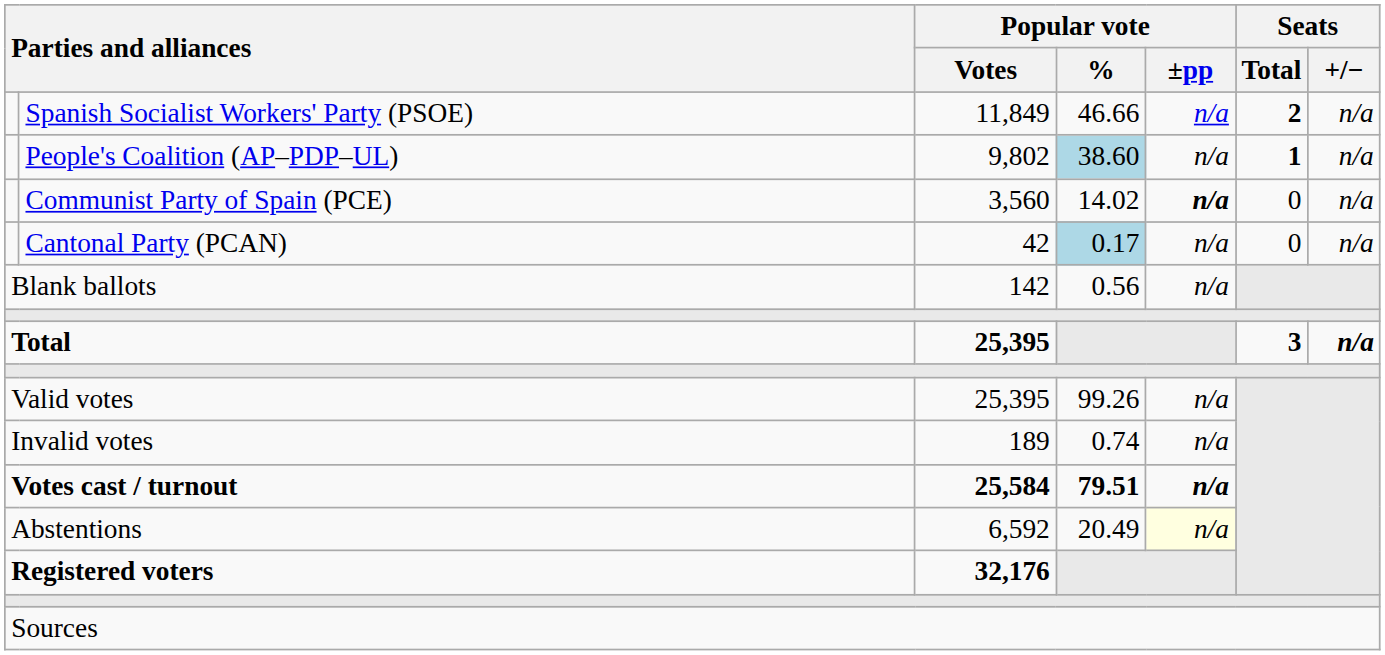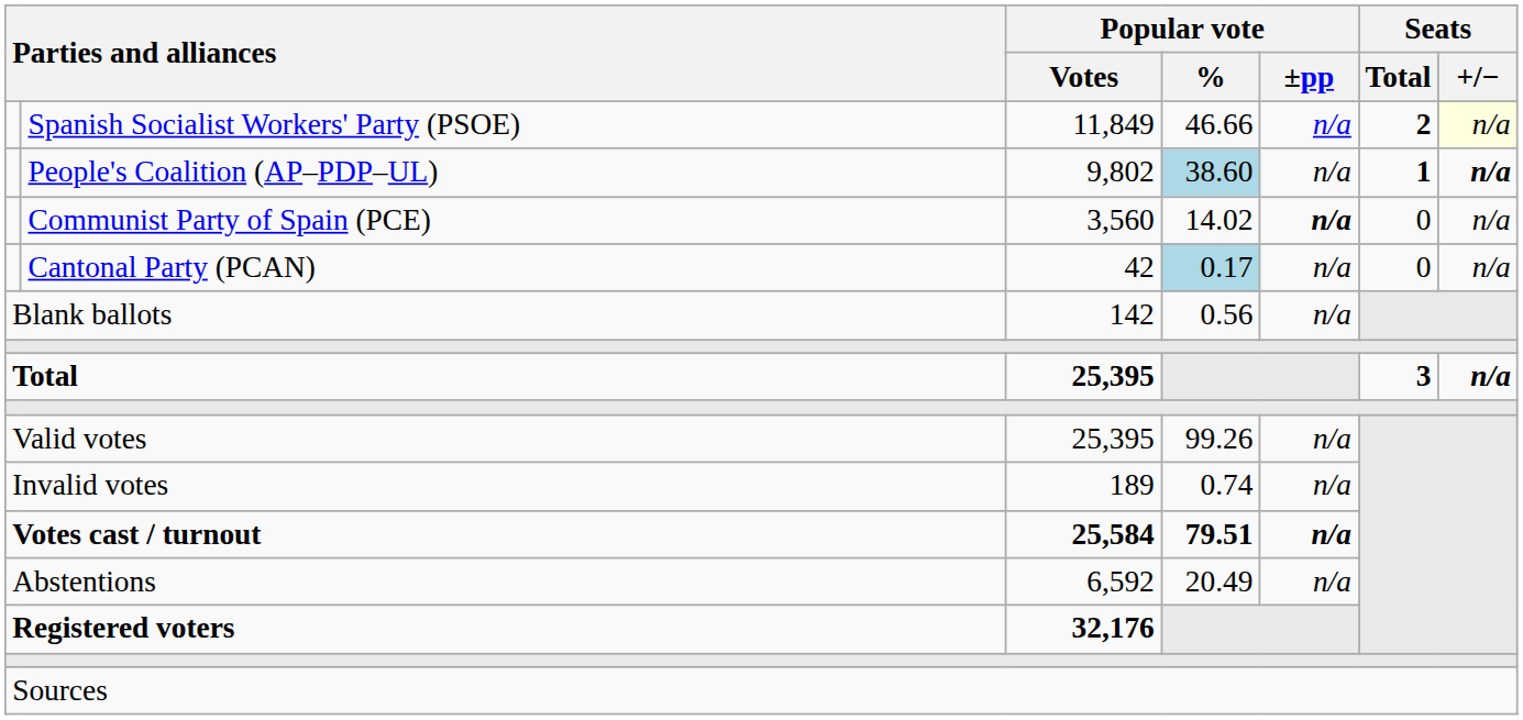 <table class="wikitable" style="text-align:right;">
 <tr>
 <th style="text-align:left;" rowspan="2" colspan="2" width="525">Parties and alliances</th>
 <th colspan="3">Popular vote</th>
 <th colspan="2">Seats</th>
 </tr>
 <tr>
 <th width="75">Votes</th>
 <th width="45">%</th>
 <th width="45">±<a href='#'>pp</a></th>
 <th width="35">Total</th>
 <th width="35">+/−</th>
 </tr>
 <tr>
 <td width="1" style="color:inherit;background:"></td>
 <td align="left"><a href='#'>Spanish Socialist Workers' Party</a> (PSOE)</td>
 <td>11,849</td>
 <td>46.66</td>
 <td><em><a href='#'>n/a</a></em></td>
 <td><strong>2</strong></td>
-<td><em>n/a</em></td>
+<td style="background: lightyellow;"><em>n/a</em></td>
 </tr>
 <tr>
 <td style="color:inherit;background:"></td>
 <td align="left"><a href='#'>People's Coalition</a> (<a href='#'>AP</a>–<a href='#'>PDP</a>–<a href='#'>UL</a>)</td>
 <td>9,802</td>
 <td style="background: lightblue;">38.60</td>
 <td><em>n/a</em></td>
 <td><strong>1</strong></td>
-<td><em>n/a</em></td>
+<td><strong><em>n/a</em></strong></td>
 </tr>
 <tr>
 <td style="color:inherit;background:"></td>
 <td align="left"><a href='#'>Communist Party of Spain</a> (PCE)</td>
 <td>3,560</td>
 <td>14.02</td>
 <td><strong><em>n/a</em></strong></td>
 <td>0</td>
 <td><em>n/a</em></td>
 </tr>
 <tr>
 <td style="color:inherit;background:"></td>
 <td align="left"><a href='#'>Cantonal Party</a> (PCAN)</td>
 <td>42</td>
 <td style="background: lightblue;">0.17</td>
 <td><em>n/a</em></td>
 <td>0</td>
 <td><em>n/a</em></td>
 </tr>
 <tr>
 <td align="left" colspan="2">Blank ballots</td>
 <td>142</td>
 <td>0.56</td>
 <td><em>n/a</em></td>
 <td bgcolor="#E9E9E9" colspan="2"></td>
 </tr>
 <tr>
 <td colspan="7" bgcolor="#E9E9E9"></td>
 </tr>
 <tr style="font-weight:bold;">
 <td align="left" colspan="2">Total</td>
 <td>25,395</td>
 <td bgcolor="#E9E9E9" colspan="2"></td>
 <td>3</td>
 <td><em>n/a</em></td>
 </tr>
 <tr>
 <td colspan="7" bgcolor="#E9E9E9"></td>
 </tr>
 <tr>
 <td align="left" colspan="2">Valid votes</td>
 <td>25,395</td>
 <td>99.26</td>
 <td><em>n/a</em></td>
 <td bgcolor="#E9E9E9" colspan="2" rowspan="5"></td>
 </tr>
 <tr>
 <td align="left" colspan="2">Invalid votes</td>
 <td>189</td>
 <td>0.74</td>
 <td><em>n/a</em></td>
 </tr>
 <tr style="font-weight:bold;">
 <td align="left" colspan="2">Votes cast / turnout</td>
 <td>25,584</td>
 <td>79.51</td>
 <td><em>n/a</em></td>
 </tr>
 <tr>
 <td align="left" colspan="2">Abstentions</td>
 <td>6,592</td>
 <td>20.49</td>
-<td style="background: lightyellow;"><em>n/a</em></td>
+<td><em>n/a</em></td>
 </tr>
 <tr style="font-weight:bold;">
 <td align="left" colspan="2">Registered voters</td>
 <td>32,176</td>
 <td bgcolor="#E9E9E9" colspan="2"></td>
 </tr>
 <tr>
 <td colspan="7" bgcolor="#E9E9E9"></td>
 </tr>
 <tr>
 <td align="left" colspan="7">Sources</td>
 </tr>
 </table>
